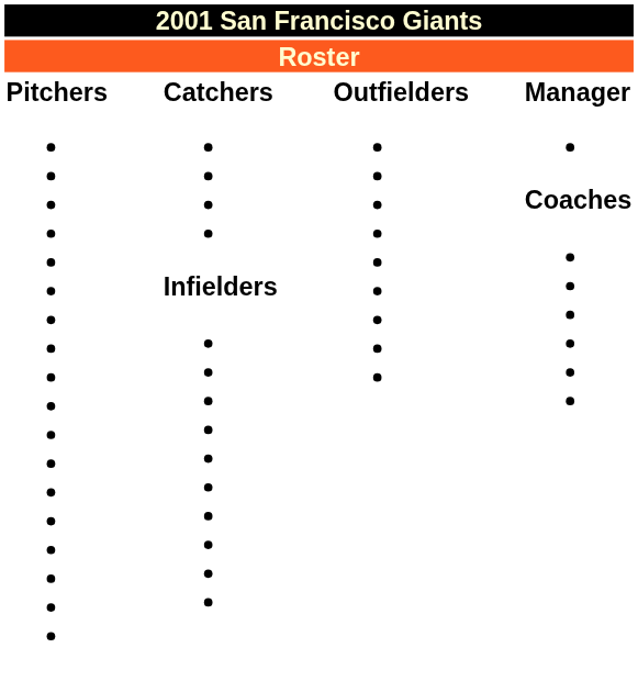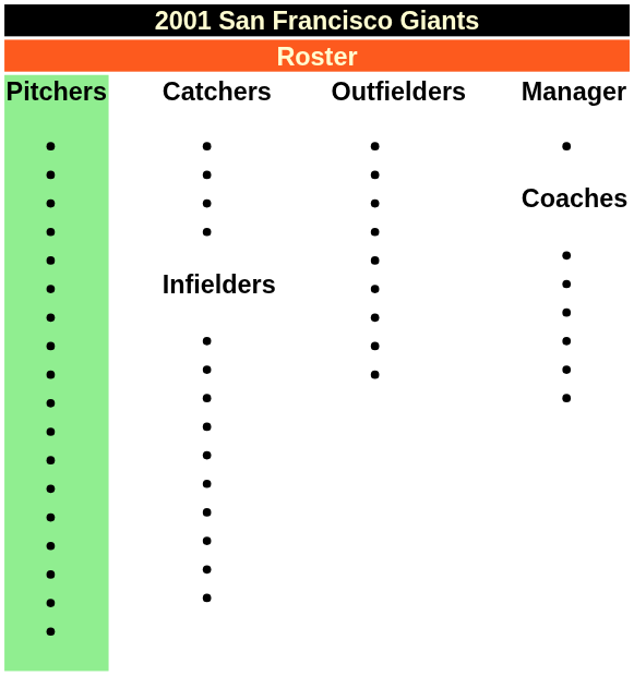 <table class="toccolours" style="font-size: 95%;">
 <tr>
 <th colspan="10" style="background-color: black; color: #FFFDD0; text-align: center;">2001 San Francisco Giants</th>
 </tr>
 <tr>
 <td colspan="10" style="background-color: #fd5a1e; color: #FFFDD0; text-align: center;"><strong>Roster</strong></td>
 </tr>
 <tr>
-<td valign="top"><strong>Pitchers</strong><br><ul><li></li><li></li><li></li><li></li><li></li><li></li><li></li><li></li><li></li><li></li><li></li><li></li><li></li><li></li><li></li><li></li><li></li><li></li></ul></td>
+<td valign="top" style="background: lightgreen;"><strong>Pitchers</strong><br><ul><li></li><li></li><li></li><li></li><li></li><li></li><li></li><li></li><li></li><li></li><li></li><li></li><li></li><li></li><li></li><li></li><li></li><li></li></ul></td>
 <td width="25px"></td>
 <td valign="top"><strong>Catchers</strong><br><ul><li></li><li></li><li></li><li></li></ul><strong>Infielders</strong><ul><li></li><li></li><li></li><li></li><li></li><li></li><li></li><li></li><li></li><li></li></ul></td>
 <td width="25px"></td>
 <td valign="top"><strong>Outfielders</strong><br><ul><li></li><li></li><li></li><li></li><li></li><li></li><li></li><li></li><li></li></ul></td>
 <td width="25px"></td>
 <td valign="top"><strong>Manager</strong><br><ul><li></li></ul><strong>Coaches</strong><ul><li></li><li></li><li></li><li></li><li></li><li></li></ul></td>
 </tr>
 <tr>
 </tr>
 </table>
